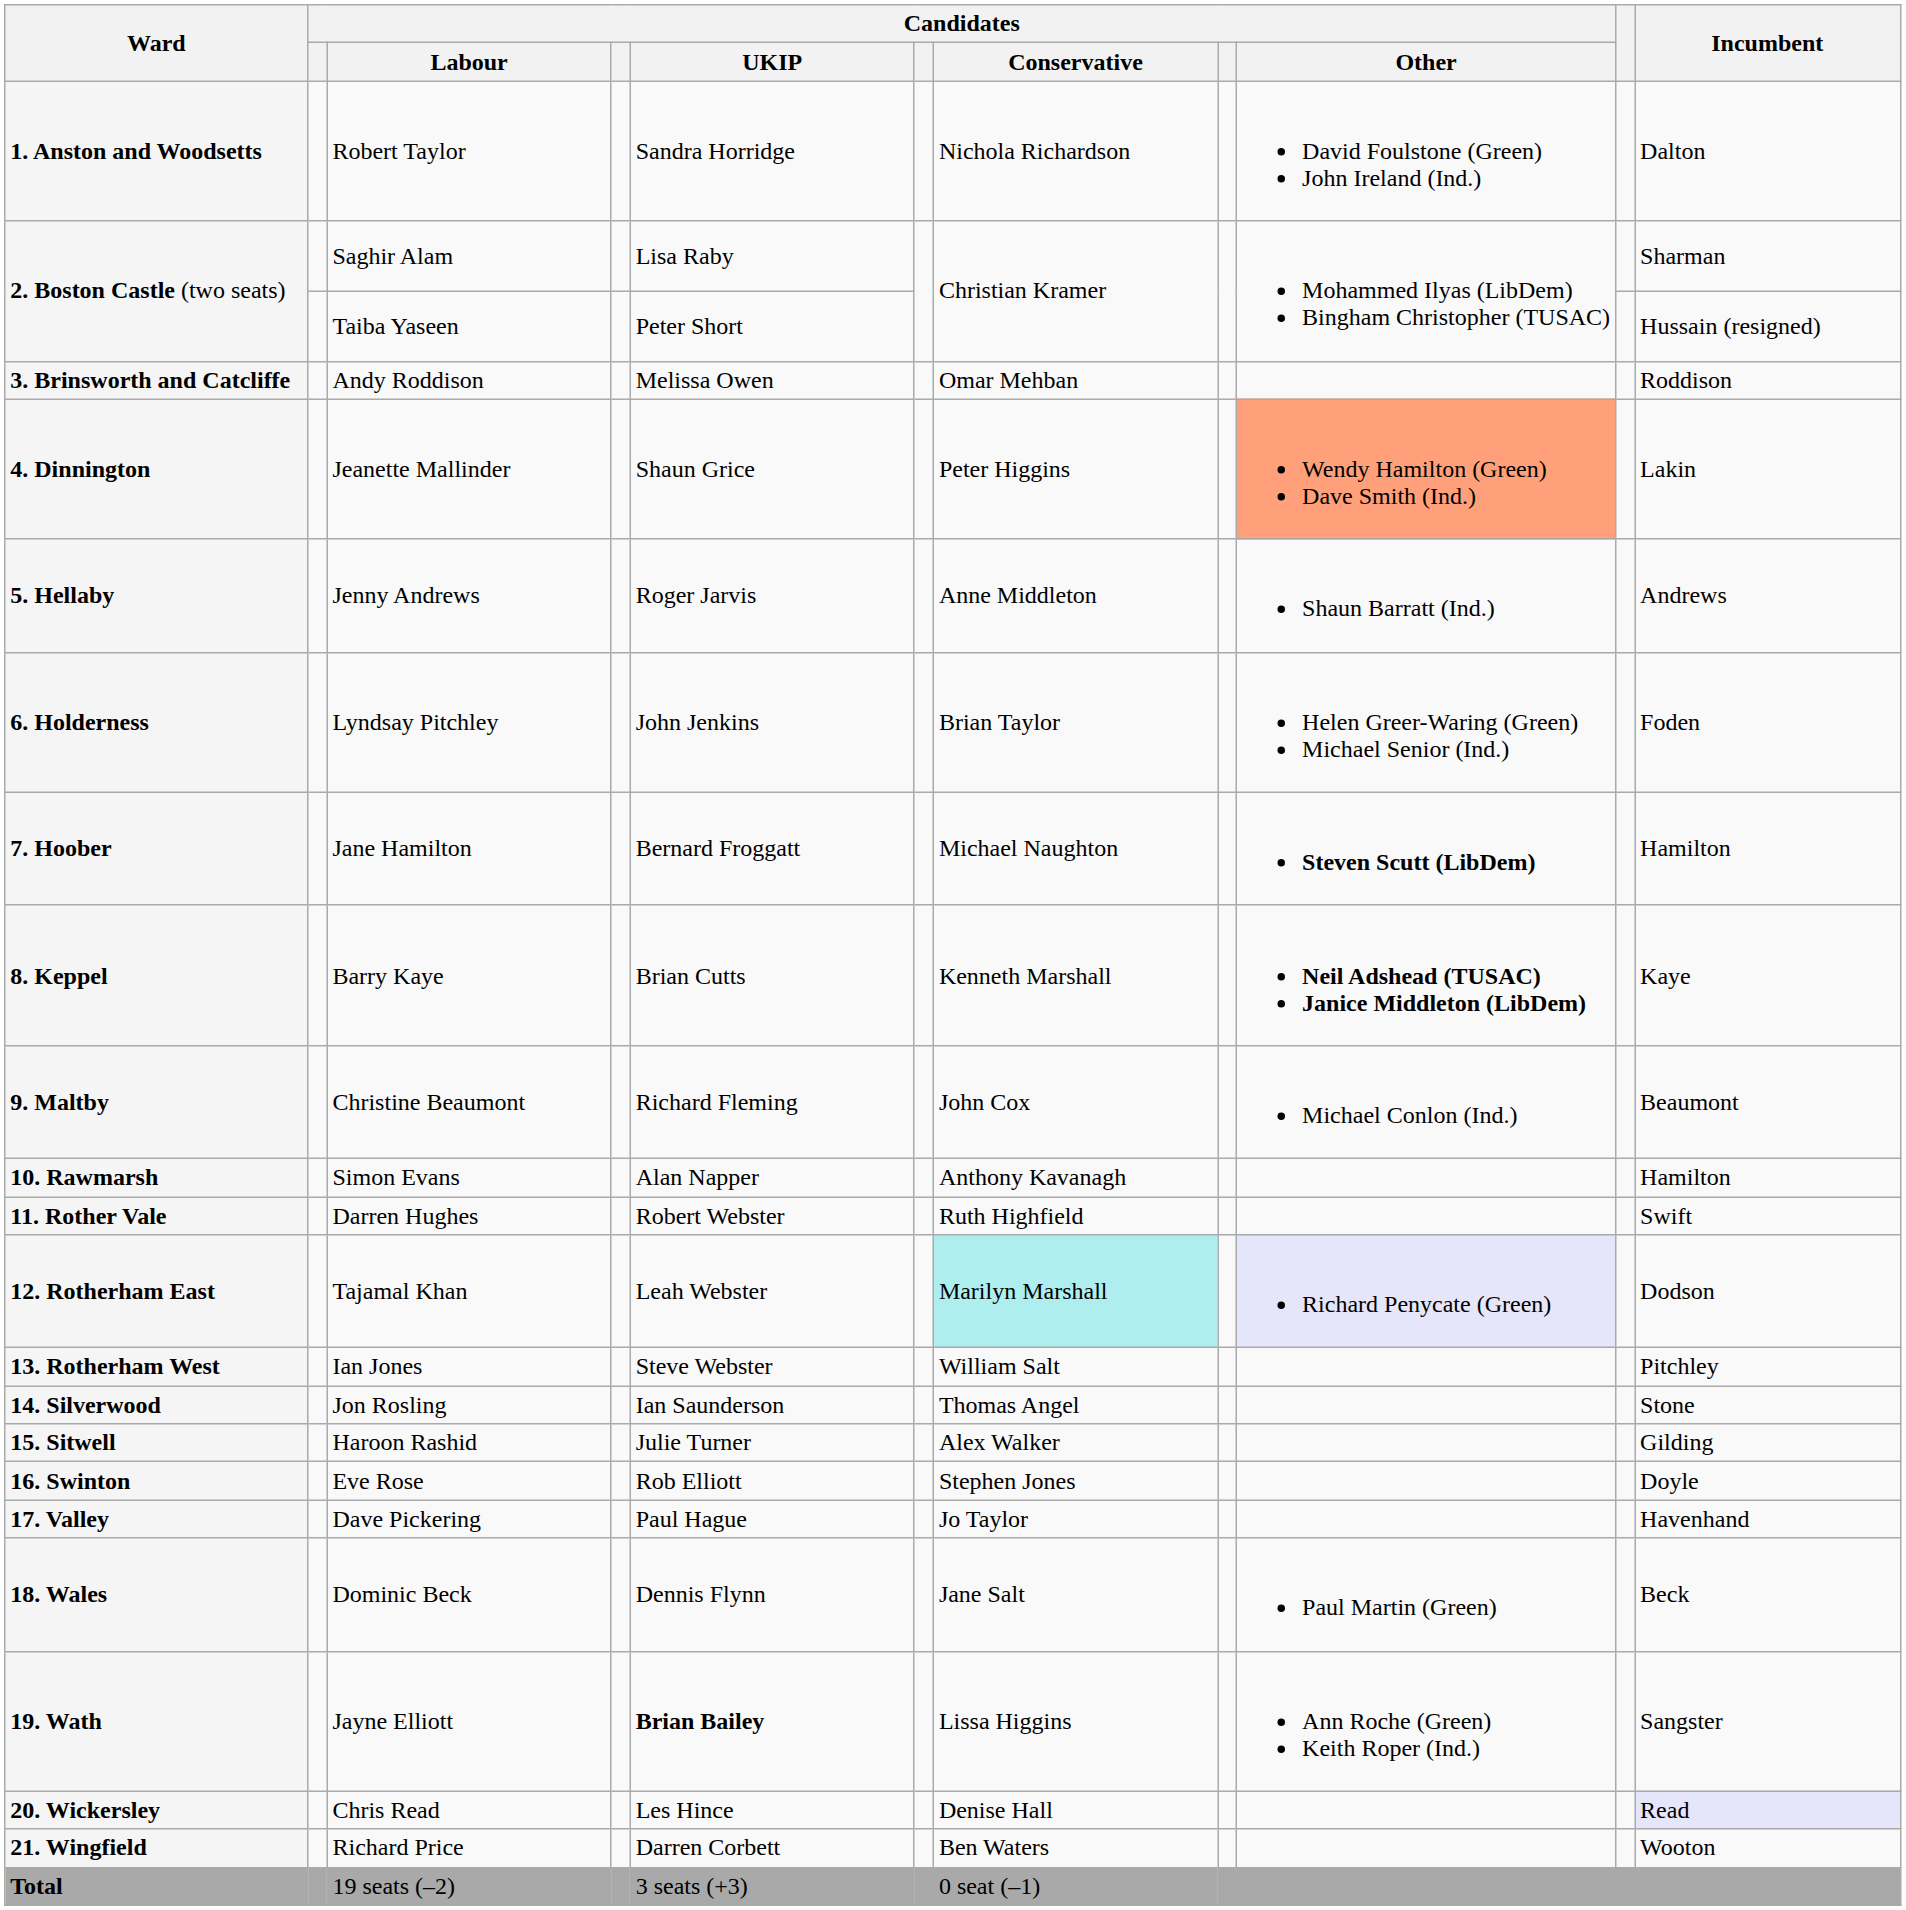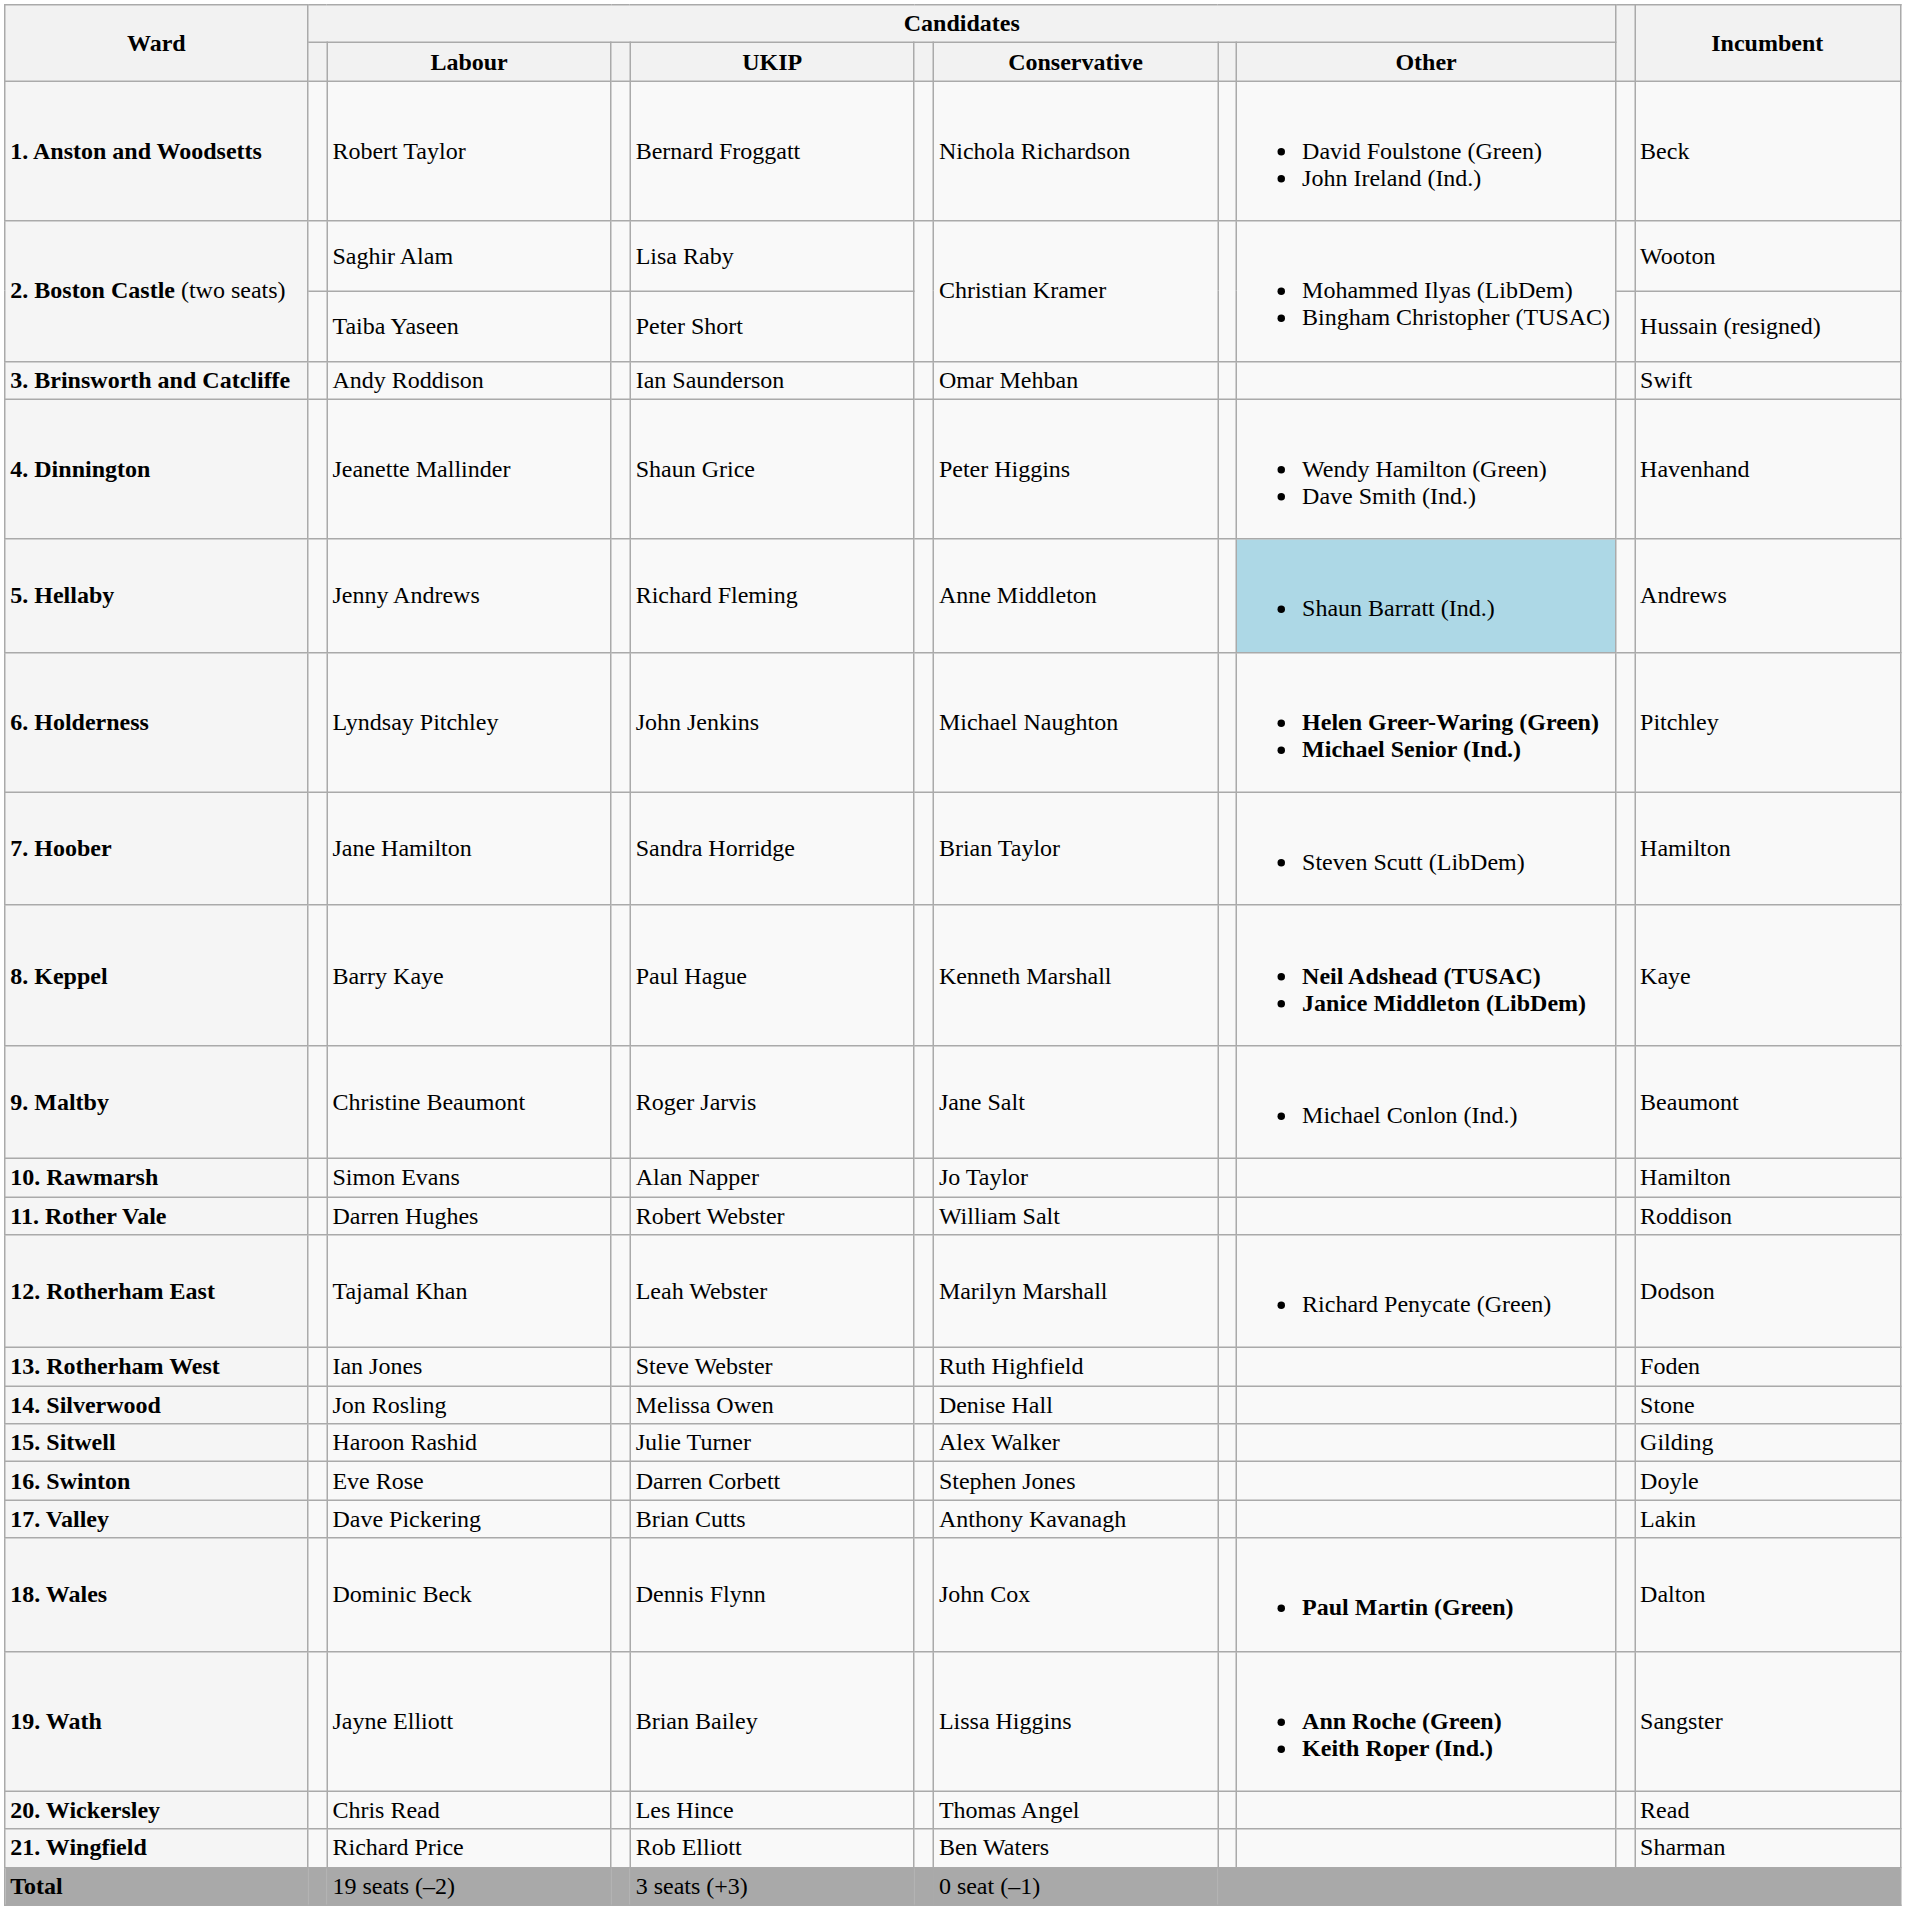 <table class="wikitable">
 <tr>
 <th width=16% rowspan=2>Ward</th>
 <th colspan=8>Candidates</th>
 <th width=1% rowspan=2> </th>
 <th width=14% rowspan=2>Incumbent</th>
 </tr>
 <tr>
 <th width=1% style="background:"> </th>
 <th width=15% style="background:">Labour</th>
 <th width=1% style="background:"> </th>
 <th width=15% style="background:"><span>UKIP</span></th>
 <th width=1% style="background:"> </th>
 <th width=15% style="background:">Conservative</th>
 <th width=1% style="background:"> </th>
 <th width=20% style="background:">Other</th>
 </tr>
 <tr>
 <td bgcolor=whitesmoke><strong>1. Anston and Woodsetts</strong></td>
 <td style="background:"></td>
 <td>Robert Taylor</td>
 <td></td>
-<td>Sandra Horridge</td>
+<td>Bernard Froggatt</td>
 <td></td>
 <td>Nichola Richardson</td>
 <td></td>
 <td><br><ul><li>David Foulstone (Green)</li><li>John Ireland (Ind.)</li></ul></td>
 <td style="background:"></td>
-<td>Dalton</td>
+<td>Beck</td>
 </tr>
 <tr>
 <td rowspan=2 bgcolor=whitesmoke><strong>2. Boston Castle</strong> (two seats)</td>
 <td style="background:"></td>
 <td>Saghir Alam</td>
 <td></td>
 <td>Lisa Raby</td>
 <td rowspan=2></td>
 <td rowspan=2>Christian Kramer</td>
 <td rowspan=2></td>
 <td rowspan=2><br><ul><li>Mohammed Ilyas (LibDem)</li><li>Bingham Christopher (TUSAC)</li></ul></td>
 <td style="background:"></td>
-<td>Sharman</td>
+<td>Wooton</td>
 </tr>
 <tr>
 <td style="background:"></td>
 <td>Taiba Yaseen</td>
 <td></td>
 <td>Peter Short</td>
 <td style="background:"></td>
 <td>Hussain (resigned)</td>
 </tr>
 <tr>
 <td bgcolor=whitesmoke><strong>3. Brinsworth and Catcliffe</strong></td>
 <td style="background:"></td>
 <td>Andy Roddison</td>
 <td></td>
-<td>Melissa Owen</td>
+<td>Ian Saunderson</td>
 <td></td>
 <td>Omar Mehban</td>
 <td></td>
 <td></td>
 <td style="background:"></td>
-<td>Roddison</td>
+<td>Swift</td>
 </tr>
 <tr>
 <td bgcolor=whitesmoke><strong>4. Dinnington</strong></td>
 <td style="background:"></td>
 <td>Jeanette Mallinder</td>
 <td></td>
 <td>Shaun Grice</td>
 <td></td>
 <td>Peter Higgins</td>
 <td></td>
-<td style="background: lightsalmon;"><br><ul><li>Wendy Hamilton (Green)</li><li>Dave Smith (Ind.)</li></ul></td>
+<td><br><ul><li>Wendy Hamilton (Green)</li><li>Dave Smith (Ind.)</li></ul></td>
 <td style="background:"></td>
-<td>Lakin</td>
+<td>Havenhand</td>
 </tr>
 <tr>
 <td bgcolor=whitesmoke><strong>5. Hellaby</strong></td>
 <td></td>
 <td>Jenny Andrews</td>
 <td style="background:"></td>
-<td>Roger Jarvis</td>
+<td>Richard Fleming</td>
 <td></td>
 <td>Anne Middleton</td>
 <td></td>
-<td><br><ul><li>Shaun Barratt (Ind.)</li></ul></td>
+<td style="background: lightblue;"><br><ul><li>Shaun Barratt (Ind.)</li></ul></td>
 <td style="background:"></td>
 <td>Andrews</td>
 </tr>
 <tr>
 <td bgcolor=whitesmoke><strong>6. Holderness</strong></td>
 <td style="background:"></td>
 <td>Lyndsay Pitchley</td>
 <td></td>
 <td>John Jenkins</td>
 <td></td>
-<td>Brian Taylor</td>
+<td>Michael Naughton</td>
 <td></td>
-<td><br><ul><li>Helen Greer-Waring (Green)</li><li>Michael Senior (Ind.)</li></ul></td>
+<td><strong><br><ul><li>Helen Greer-Waring (Green)</li><li>Michael Senior (Ind.)</li></ul></strong></td>
 <td style="background:"></td>
-<td>Foden</td>
+<td>Pitchley</td>
 </tr>
 <tr>
 <td bgcolor=whitesmoke><strong>7. Hoober</strong></td>
 <td style="background:"></td>
 <td>Jane Hamilton</td>
 <td></td>
-<td>Bernard Froggatt</td>
+<td>Sandra Horridge</td>
 <td></td>
-<td>Michael Naughton</td>
+<td>Brian Taylor</td>
 <td></td>
-<td><strong><br><ul><li>Steven Scutt (LibDem)</li></ul></strong></td>
+<td><br><ul><li>Steven Scutt (LibDem)</li></ul></td>
 <td style="background:"></td>
 <td>Hamilton</td>
 </tr>
 <tr>
 <td bgcolor=whitesmoke><strong>8. Keppel</strong></td>
 <td></td>
 <td>Barry Kaye</td>
 <td style="background:"></td>
-<td>Brian Cutts</td>
+<td>Paul Hague</td>
 <td></td>
 <td>Kenneth Marshall</td>
 <td></td>
 <td><strong><br><ul><li>Neil Adshead (TUSAC)</li><li>Janice Middleton (LibDem)</li></ul></strong></td>
 <td style="background:"></td>
 <td>Kaye</td>
 </tr>
 <tr>
 <td bgcolor=whitesmoke><strong>9. Maltby</strong></td>
 <td style="background:"></td>
 <td>Christine Beaumont</td>
 <td></td>
-<td>Richard Fleming</td>
+<td>Roger Jarvis</td>
 <td></td>
-<td>John Cox</td>
+<td>Jane Salt</td>
 <td></td>
 <td><br><ul><li>Michael Conlon (Ind.)</li></ul></td>
 <td style="background:"></td>
 <td>Beaumont</td>
 </tr>
 <tr>
 <td bgcolor=whitesmoke><strong>10. Rawmarsh</strong></td>
 <td style="background:"></td>
 <td>Simon Evans</td>
 <td></td>
 <td>Alan Napper</td>
 <td></td>
-<td>Anthony Kavanagh</td>
+<td>Jo Taylor</td>
 <td></td>
 <td></td>
 <td style="background:"></td>
 <td>Hamilton</td>
 </tr>
 <tr>
 <td bgcolor=whitesmoke><strong>11. Rother Vale</strong></td>
 <td style="background:"></td>
 <td>Darren Hughes</td>
 <td></td>
 <td>Robert Webster</td>
 <td></td>
-<td>Ruth Highfield</td>
+<td>William Salt</td>
 <td></td>
 <td></td>
 <td style="background:"></td>
-<td>Swift</td>
+<td>Roddison</td>
 </tr>
 <tr>
 <td bgcolor=whitesmoke><strong>12. Rotherham East</strong></td>
 <td style="background:"></td>
 <td>Tajamal Khan</td>
 <td></td>
 <td>Leah Webster</td>
 <td></td>
-<td style="background: paleturquoise;">Marilyn Marshall</td>
+<td>Marilyn Marshall</td>
 <td></td>
-<td style="background: lavender;"><br><ul><li>Richard Penycate (Green)</li></ul></td>
+<td><br><ul><li>Richard Penycate (Green)</li></ul></td>
 <td style="background:"></td>
 <td>Dodson</td>
 </tr>
 <tr>
 <td bgcolor=whitesmoke><strong>13. Rotherham West</strong></td>
 <td style="background:"></td>
 <td>Ian Jones</td>
 <td></td>
 <td>Steve Webster</td>
 <td></td>
-<td>William Salt</td>
+<td>Ruth Highfield</td>
 <td></td>
 <td></td>
 <td style="background:"></td>
-<td>Pitchley</td>
+<td>Foden</td>
 </tr>
 <tr>
 <td bgcolor=whitesmoke><strong>14. Silverwood</strong></td>
 <td style="background:"></td>
 <td>Jon Rosling</td>
 <td></td>
-<td>Ian Saunderson</td>
+<td>Melissa Owen</td>
 <td></td>
-<td>Thomas Angel</td>
+<td>Denise Hall</td>
 <td></td>
 <td></td>
 <td style="background:"></td>
 <td>Stone</td>
 </tr>
 <tr>
 <td bgcolor=whitesmoke><strong>15. Sitwell</strong></td>
 <td></td>
 <td>Haroon Rashid</td>
 <td style="background:"></td>
 <td>Julie Turner</td>
 <td></td>
 <td>Alex Walker</td>
 <td></td>
 <td></td>
 <td style="background:"></td>
 <td>Gilding</td>
 </tr>
 <tr>
 <td bgcolor=whitesmoke><strong>16. Swinton</strong></td>
 <td style="background:"></td>
 <td>Eve Rose</td>
 <td></td>
-<td>Rob Elliott</td>
+<td>Darren Corbett</td>
 <td></td>
 <td>Stephen Jones</td>
 <td></td>
 <td></td>
 <td style="background:"></td>
 <td>Doyle</td>
 </tr>
 <tr>
 <td bgcolor=whitesmoke><strong>17. Valley</strong></td>
 <td style="background:"></td>
 <td>Dave Pickering</td>
 <td></td>
-<td>Paul Hague</td>
+<td>Brian Cutts</td>
 <td></td>
-<td>Jo Taylor</td>
+<td>Anthony Kavanagh</td>
 <td></td>
 <td></td>
 <td style="background:"></td>
-<td>Havenhand</td>
+<td>Lakin</td>
 </tr>
 <tr>
 <td bgcolor=whitesmoke><strong>18. Wales</strong></td>
 <td style="background:"></td>
 <td>Dominic Beck</td>
 <td></td>
 <td>Dennis Flynn</td>
 <td></td>
-<td>Jane Salt</td>
+<td>John Cox</td>
 <td></td>
-<td><br><ul><li>Paul Martin (Green)</li></ul></td>
+<td><strong><br><ul><li>Paul Martin (Green)</li></ul></strong></td>
 <td style="background:"></td>
-<td>Beck</td>
+<td>Dalton</td>
 </tr>
 <tr>
 <td bgcolor=whitesmoke><strong>19. Wath</strong></td>
 <td style="background:"></td>
 <td>Jayne Elliott</td>
 <td></td>
-<td><strong>Brian Bailey</strong></td>
+<td>Brian Bailey</td>
 <td></td>
 <td>Lissa Higgins</td>
 <td></td>
-<td><br><ul><li>Ann Roche (Green)</li><li>Keith Roper (Ind.)</li></ul></td>
+<td><strong><br><ul><li>Ann Roche (Green)</li><li>Keith Roper (Ind.)</li></ul></strong></td>
 <td style="background:"></td>
 <td>Sangster</td>
 </tr>
 <tr>
 <td bgcolor=whitesmoke><strong>20. Wickersley</strong></td>
 <td style="background:"></td>
 <td>Chris Read</td>
 <td></td>
 <td>Les Hince</td>
 <td></td>
-<td>Denise Hall</td>
+<td>Thomas Angel</td>
 <td></td>
 <td></td>
 <td style="background:"></td>
-<td style="background: lavender;">Read</td>
+<td>Read</td>
 </tr>
 <tr>
 <td bgcolor=whitesmoke><strong>21. Wingfield</strong></td>
 <td style="background:"></td>
 <td>Richard Price</td>
 <td></td>
-<td>Darren Corbett</td>
+<td>Rob Elliott</td>
 <td></td>
 <td>Ben Waters</td>
 <td></td>
 <td></td>
 <td style="background:"></td>
-<td>Wooton</td>
+<td>Sharman</td>
 </tr>
 <tr bgcolor=darkgray>
 <td><strong>Total</strong></td>
 <td></td>
 <td>19 seats (–2)</td>
 <td></td>
 <td>3 seats (+3)</td>
 <td></td>
 <td>0 seat (–1)</td>
 <td colspan=4></td>
 </tr>
 </table>
